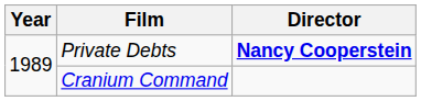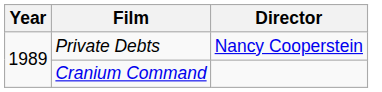 <table class="wikitable">
 <tr>
 <th>Year</th>
 <th>Film</th>
 <th>Director</th>
 </tr>
 <tr>
 <td rowspan=2>1989</td>
 <td><em>Private Debts</em></td>
-<td><strong><a href='#'>Nancy Cooperstein</a></strong></td>
+<td><a href='#'>Nancy Cooperstein</a></td>
 </tr>
 <tr>
 <td><em><a href='#'>Cranium Command</a></em></td>
 <td></td>
 </tr>
 </table>
